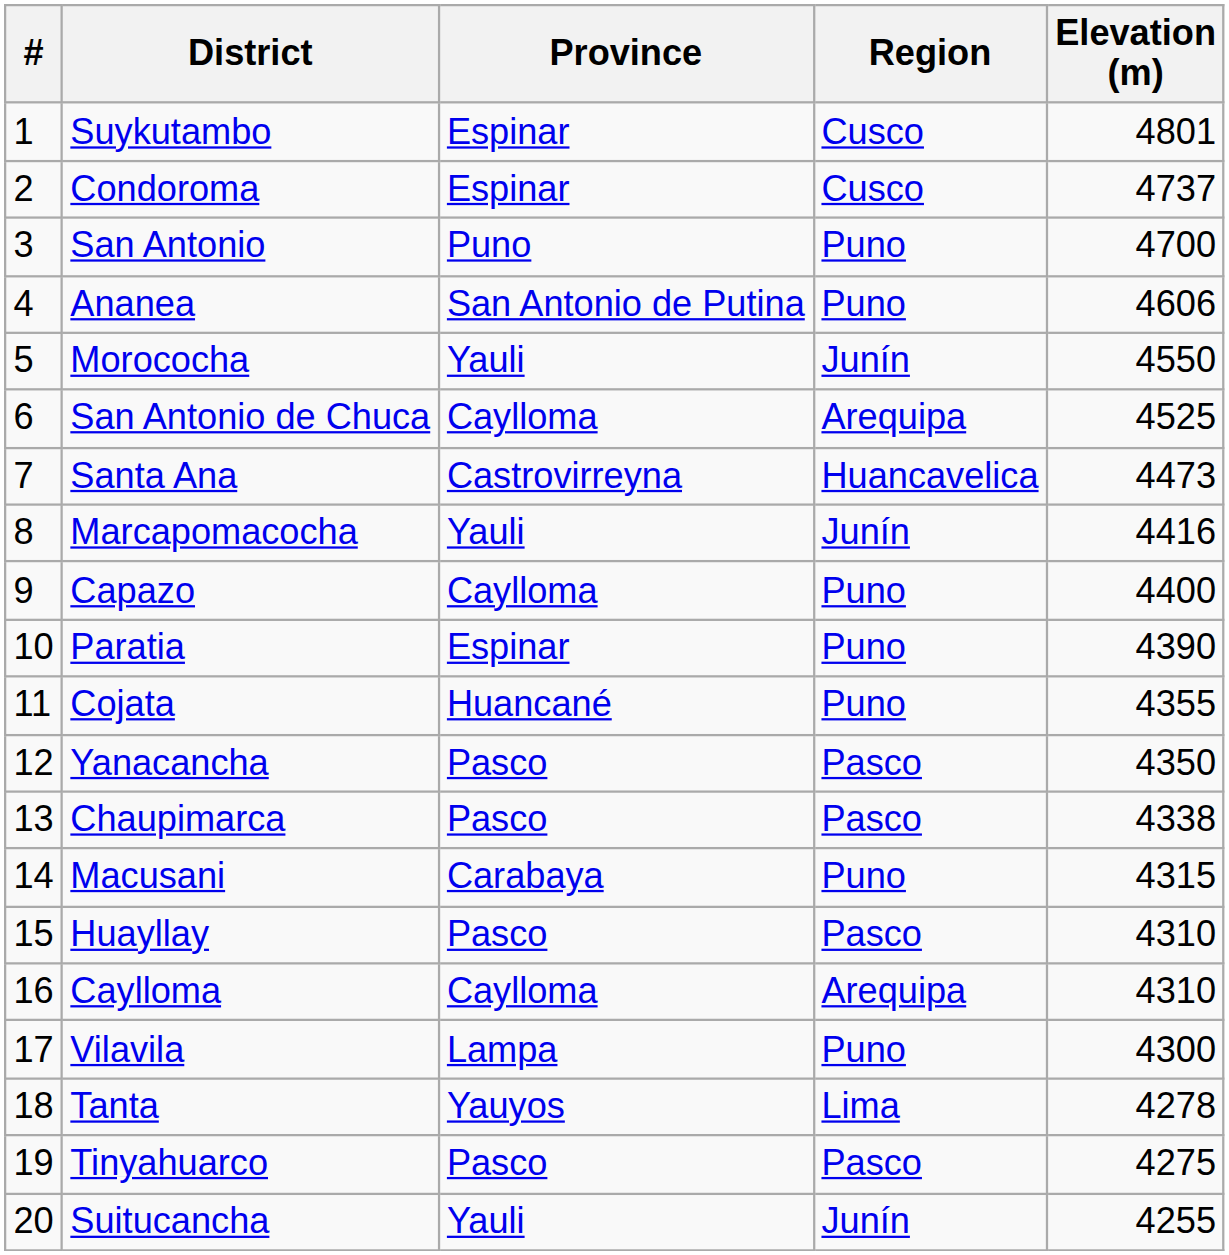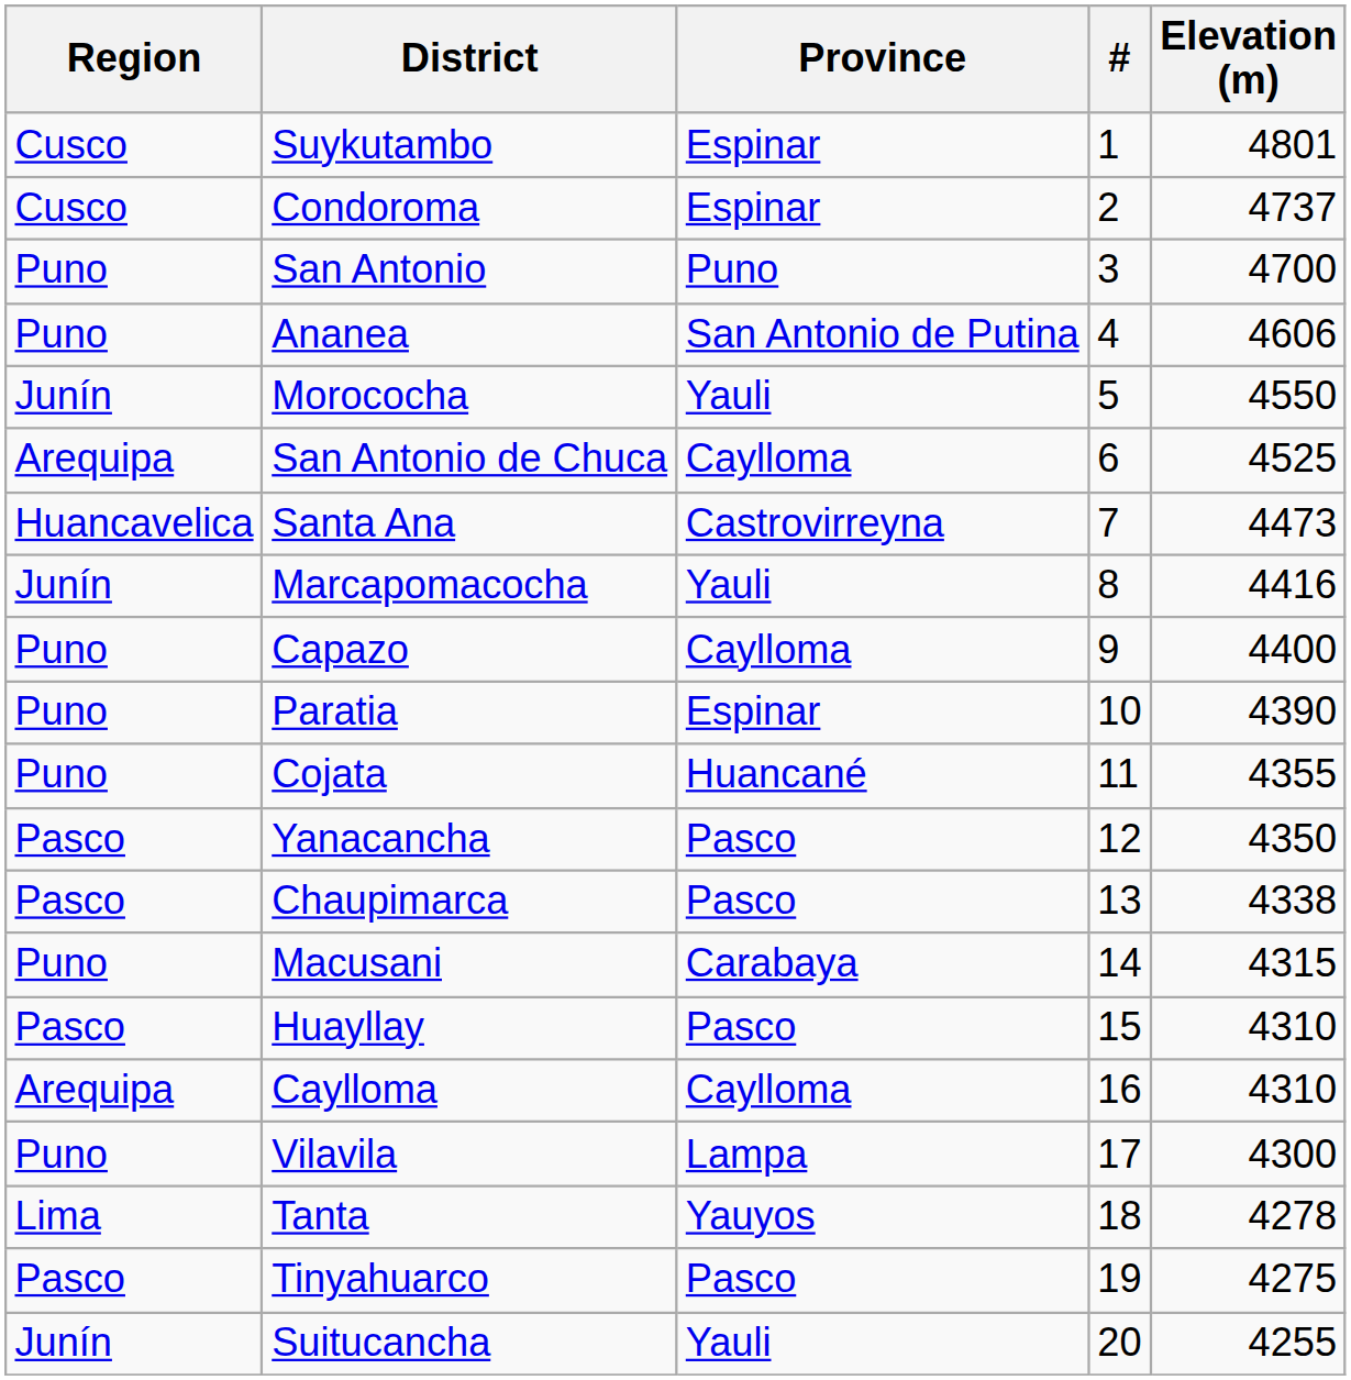 <table align=center class="wikitable" Style="align:center;">
 <tr>
-<th>#</th>
+<th>Region</th>
 <th>District</th>
 <th>Province</th>
-<th>Region</th>
+<th>#</th>
 <th>Elevation<br>(m)</th>
 </tr>
 <tr>
-<td>1</td>
+<td><a href='#'>Cusco</a></td>
 <td><a href='#'>Suykutambo</a></td>
 <td><a href='#'>Espinar</a></td>
-<td><a href='#'>Cusco</a></td>
+<td>1</td>
 <td align=right>4801</td>
 </tr>
 <tr>
-<td>2</td>
+<td><a href='#'>Cusco</a></td>
 <td><a href='#'>Condoroma</a></td>
 <td><a href='#'>Espinar</a></td>
-<td><a href='#'>Cusco</a></td>
+<td>2</td>
 <td align=right>4737</td>
 </tr>
 <tr>
-<td>3</td>
+<td><a href='#'>Puno</a></td>
 <td><a href='#'>San Antonio</a></td>
 <td><a href='#'>Puno</a></td>
-<td><a href='#'>Puno</a></td>
+<td>3</td>
 <td align=right>4700</td>
 </tr>
 <tr>
-<td>4</td>
+<td><a href='#'>Puno</a></td>
 <td><a href='#'>Ananea</a></td>
 <td><a href='#'>San Antonio de Putina</a></td>
-<td><a href='#'>Puno</a></td>
+<td>4</td>
 <td align=right>4606</td>
 </tr>
 <tr>
-<td>5</td>
+<td><a href='#'>Junín</a></td>
 <td><a href='#'>Morococha</a></td>
 <td><a href='#'>Yauli</a></td>
-<td><a href='#'>Junín</a></td>
+<td>5</td>
 <td align=right>4550</td>
 </tr>
 <tr>
-<td>6</td>
+<td><a href='#'>Arequipa</a></td>
 <td><a href='#'>San Antonio de Chuca</a></td>
 <td><a href='#'>Caylloma</a></td>
-<td><a href='#'>Arequipa</a></td>
+<td>6</td>
 <td align=right>4525</td>
 </tr>
 <tr>
-<td>7</td>
+<td><a href='#'>Huancavelica</a></td>
 <td><a href='#'>Santa Ana</a></td>
 <td><a href='#'>Castrovirreyna</a></td>
-<td><a href='#'>Huancavelica</a></td>
+<td>7</td>
 <td align=right>4473</td>
 </tr>
 <tr>
-<td>8</td>
+<td><a href='#'>Junín</a></td>
 <td><a href='#'>Marcapomacocha</a></td>
 <td><a href='#'>Yauli</a></td>
-<td><a href='#'>Junín</a></td>
+<td>8</td>
 <td align=right>4416</td>
 </tr>
 <tr>
-<td>9</td>
+<td><a href='#'>Puno</a></td>
 <td><a href='#'>Capazo</a></td>
 <td><a href='#'>Caylloma</a></td>
-<td><a href='#'>Puno</a></td>
+<td>9</td>
 <td align=right>4400</td>
 </tr>
 <tr>
-<td>10</td>
+<td><a href='#'>Puno</a></td>
 <td><a href='#'>Paratia</a></td>
 <td><a href='#'>Espinar</a></td>
-<td><a href='#'>Puno</a></td>
+<td>10</td>
 <td align=right>4390</td>
 </tr>
 <tr>
-<td>11</td>
+<td><a href='#'>Puno</a></td>
 <td><a href='#'>Cojata</a></td>
 <td><a href='#'>Huancané</a></td>
-<td><a href='#'>Puno</a></td>
+<td>11</td>
 <td align=right>4355</td>
 </tr>
 <tr>
-<td>12</td>
+<td><a href='#'>Pasco</a></td>
 <td><a href='#'>Yanacancha</a></td>
 <td><a href='#'>Pasco</a></td>
-<td><a href='#'>Pasco</a></td>
+<td>12</td>
 <td align=right>4350</td>
 </tr>
 <tr>
-<td>13</td>
+<td><a href='#'>Pasco</a></td>
 <td><a href='#'>Chaupimarca</a></td>
 <td><a href='#'>Pasco</a></td>
-<td><a href='#'>Pasco</a></td>
+<td>13</td>
 <td align=right>4338</td>
 </tr>
 <tr>
-<td>14</td>
+<td><a href='#'>Puno</a></td>
 <td><a href='#'>Macusani</a></td>
 <td><a href='#'>Carabaya</a></td>
-<td><a href='#'>Puno</a></td>
+<td>14</td>
 <td align=right>4315</td>
 </tr>
 <tr>
-<td>15</td>
+<td><a href='#'>Pasco</a></td>
 <td><a href='#'>Huayllay</a></td>
 <td><a href='#'>Pasco</a></td>
-<td><a href='#'>Pasco</a></td>
+<td>15</td>
 <td align=right>4310</td>
 </tr>
 <tr>
-<td>16</td>
+<td><a href='#'>Arequipa</a></td>
 <td><a href='#'>Caylloma</a></td>
 <td><a href='#'>Caylloma</a></td>
-<td><a href='#'>Arequipa</a></td>
+<td>16</td>
 <td align=right>4310</td>
 </tr>
 <tr>
-<td>17</td>
+<td><a href='#'>Puno</a></td>
 <td><a href='#'>Vilavila</a></td>
 <td><a href='#'>Lampa</a></td>
-<td><a href='#'>Puno</a></td>
+<td>17</td>
 <td align=right>4300</td>
 </tr>
 <tr>
-<td>18</td>
+<td><a href='#'>Lima</a></td>
 <td><a href='#'>Tanta</a></td>
 <td><a href='#'>Yauyos</a></td>
-<td><a href='#'>Lima</a></td>
+<td>18</td>
 <td align=right>4278</td>
 </tr>
 <tr>
-<td>19</td>
+<td><a href='#'>Pasco</a></td>
 <td><a href='#'>Tinyahuarco</a></td>
 <td><a href='#'>Pasco</a></td>
-<td><a href='#'>Pasco</a></td>
+<td>19</td>
 <td align=right>4275</td>
 </tr>
 <tr>
-<td>20</td>
+<td><a href='#'>Junín</a></td>
 <td><a href='#'>Suitucancha</a></td>
 <td><a href='#'>Yauli</a></td>
-<td><a href='#'>Junín</a></td>
+<td>20</td>
 <td align=right>4255</td>
 </tr>
 </table>
